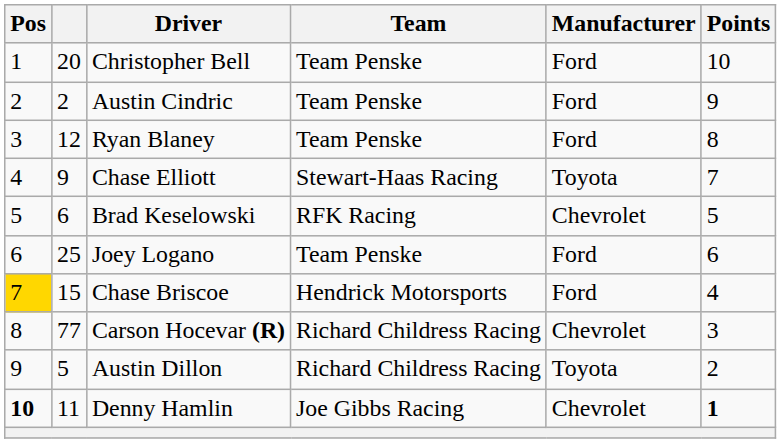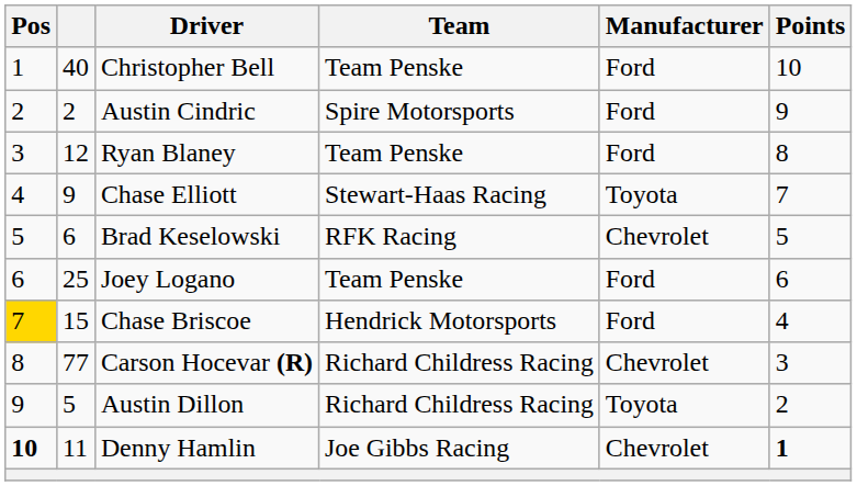 <table class="wikitable" style="font-size:98%">
 <tr>
 <th>Pos</th>
 <th></th>
 <th>Driver</th>
 <th>Team</th>
 <th>Manufacturer</th>
 <th>Points</th>
 </tr>
 <tr>
 <td>1</td>
-<td>20</td>
+<td>40</td>
 <td>Christopher Bell</td>
 <td>Team Penske</td>
 <td>Ford</td>
 <td>10</td>
 </tr>
 <tr>
 <td>2</td>
 <td>2</td>
 <td>Austin Cindric</td>
-<td>Team Penske</td>
+<td>Spire Motorsports</td>
 <td>Ford</td>
 <td>9</td>
 </tr>
 <tr>
 <td>3</td>
 <td>12</td>
 <td>Ryan Blaney</td>
 <td>Team Penske</td>
 <td>Ford</td>
 <td>8</td>
 </tr>
 <tr>
 <td>4</td>
 <td>9</td>
 <td>Chase Elliott</td>
 <td>Stewart-Haas Racing</td>
 <td>Toyota</td>
 <td>7</td>
 </tr>
 <tr>
 <td>5</td>
 <td>6</td>
 <td>Brad Keselowski</td>
 <td>RFK Racing</td>
 <td>Chevrolet</td>
 <td>5</td>
 </tr>
 <tr>
 <td>6</td>
 <td>25</td>
 <td>Joey Logano</td>
 <td>Team Penske</td>
 <td>Ford</td>
 <td>6</td>
 </tr>
 <tr>
 <td style="background: gold;">7</td>
 <td>15</td>
 <td>Chase Briscoe</td>
 <td>Hendrick Motorsports</td>
 <td>Ford</td>
 <td>4</td>
 </tr>
 <tr>
 <td>8</td>
 <td>77</td>
 <td>Carson Hocevar <strong>(R)</strong></td>
 <td>Richard Childress Racing</td>
 <td>Chevrolet</td>
 <td>3</td>
 </tr>
 <tr>
 <td>9</td>
 <td>5</td>
 <td>Austin Dillon</td>
 <td>Richard Childress Racing</td>
 <td>Toyota</td>
 <td>2</td>
 </tr>
 <tr>
 <td><strong>10</strong></td>
 <td>11</td>
 <td>Denny Hamlin</td>
 <td>Joe Gibbs Racing</td>
 <td>Chevrolet</td>
 <td><strong>1</strong></td>
 </tr>
 <tr>
 <th colspan="6"></th>
 </tr>
 </table>
